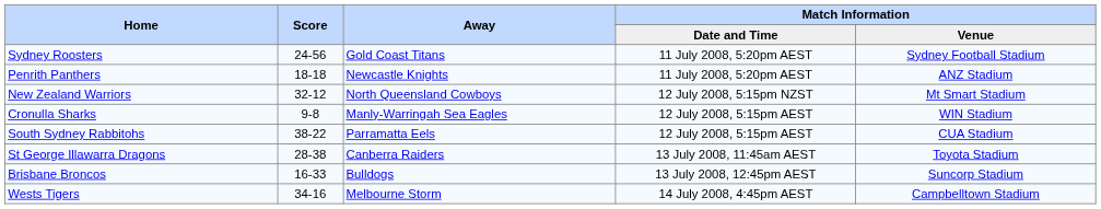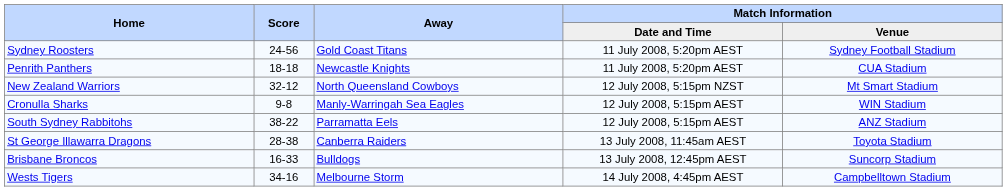 <table border=1 style="border-collapse:collapse; font-size:90%;" cellpadding=3 cellspacing=0 width=100%>
 <tr bgcolor=#C1D8FF>
 <th rowspan=2 width=25%>Home</th>
 <th rowspan=2 width=6%>Score</th>
 <th rowspan=2 width=25%>Away</th>
 <th colspan=6>Match Information</th>
 </tr>
 <tr bgcolor=#EFEFEF>
 <th width=22%>Date and Time</th>
 <th width=22%>Venue</th>
 </tr>
 <tr align=center bgcolor=#F5FAFF>
 <td align=left> <a href='#'>Sydney Roosters</a></td>
 <td>24-56</td>
 <td align=left> <a href='#'>Gold Coast Titans</a></td>
 <td>11 July 2008, 5:20pm AEST</td>
 <td><a href='#'>Sydney Football Stadium</a></td>
 </tr>
 <tr align=center bgcolor=#F5FAFF>
 <td align=left> <a href='#'>Penrith Panthers</a></td>
 <td>18-18</td>
 <td align=left> <a href='#'>Newcastle Knights</a></td>
 <td>11 July 2008, 5:20pm AEST</td>
-<td><a href='#'>ANZ Stadium</a></td>
+<td><a href='#'>CUA Stadium</a></td>
 </tr>
 <tr align=center bgcolor=#F5FAFF>
 <td align=left> <a href='#'>New Zealand Warriors</a></td>
 <td>32-12</td>
 <td align=left> <a href='#'>North Queensland Cowboys</a></td>
 <td>12 July 2008, 5:15pm NZST</td>
 <td><a href='#'>Mt Smart Stadium</a></td>
 </tr>
 <tr align=center bgcolor=#F5FAFF>
 <td align=left> <a href='#'>Cronulla Sharks</a></td>
 <td>9-8</td>
 <td align=left> <a href='#'>Manly-Warringah Sea Eagles</a></td>
 <td>12 July 2008, 5:15pm AEST</td>
 <td><a href='#'>WIN Stadium</a></td>
 </tr>
 <tr align=center bgcolor=#F5FAFF>
 <td align=left> <a href='#'>South Sydney Rabbitohs</a></td>
 <td>38-22</td>
 <td align=left> <a href='#'>Parramatta Eels</a></td>
 <td>12 July 2008, 5:15pm AEST</td>
-<td><a href='#'>CUA Stadium</a></td>
+<td><a href='#'>ANZ Stadium</a></td>
 </tr>
 <tr align=center bgcolor=#F5FAFF>
 <td align=left> <a href='#'>St George Illawarra Dragons</a></td>
 <td>28-38</td>
 <td align=left> <a href='#'>Canberra Raiders</a></td>
 <td>13 July 2008, 11:45am AEST</td>
 <td><a href='#'>Toyota Stadium</a></td>
 </tr>
 <tr align=center bgcolor=#F5FAFF>
 <td align=left> <a href='#'>Brisbane Broncos</a></td>
 <td>16-33</td>
 <td align=left> <a href='#'>Bulldogs</a></td>
 <td>13 July 2008, 12:45pm AEST</td>
 <td><a href='#'>Suncorp Stadium</a></td>
 </tr>
 <tr align=center bgcolor=#F5FAFF>
 <td align=left> <a href='#'>Wests Tigers</a></td>
 <td>34-16</td>
 <td align=left> <a href='#'>Melbourne Storm</a></td>
 <td>14 July 2008, 4:45pm AEST</td>
 <td><a href='#'>Campbelltown Stadium</a></td>
 </tr>
 </table>
